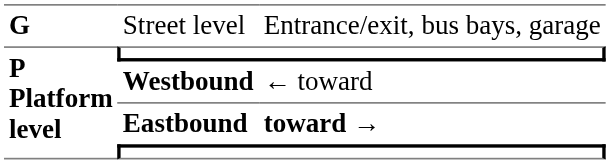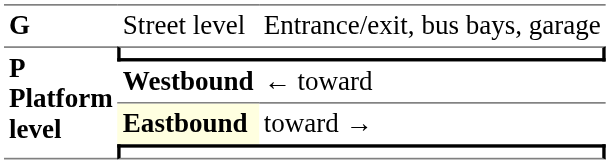 <table table border=0 cellspacing=0 cellpadding=3>
 <tr>
 <td style="border-top:solid 1px gray; vertical-align:top" width=50><strong>G</strong></td>
 <td style="border-top:solid 1px gray; vertical-align:top">Street level</td>
 <td style="border-top:solid 1px gray; vertical-align:top">Entrance/exit, bus bays, garage</td>
 </tr>
 <tr>
 <td style="border-top:solid 1px gray;border-bottom:solid 1px gray; vertical-align:top" width=50 rowspan=5><strong>P <br>Platform level</strong></td>
 <td style="border-top:solid 1px gray;border-right:solid 2px black;border-left:solid 2px black;border-bottom:solid 2px black;text-align:center" colspan=2></td>
 </tr>
 <tr>
 <td style="border-bottom:solid 1px gray"><strong>Westbound</strong></td>
 <td style="border-bottom:solid 1px gray">←  toward  </td>
 </tr>
 <tr>
-<td><strong>Eastbound</strong></td>
-<td><strong>  toward   →</strong></td>
+<td style="background: lightyellow;"><strong>Eastbound</strong></td>
+<td>  toward   →</td>
 </tr>
 <tr>
 <td style="border-right:solid 2px black;border-left:solid 2px black;border-top:solid 2px black;border-bottom:solid 1px gray;text-align:center" colspan=2></td>
 </tr>
 </table>
